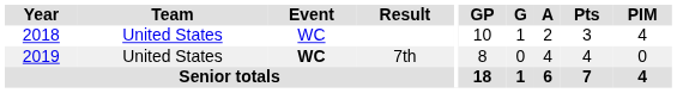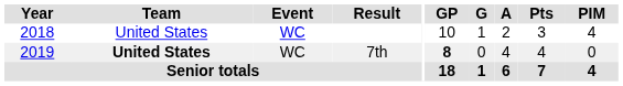 <table border="0" cellpadding="1" cellspacing="0" ID="Table3" style="text-align:center; width:40em;">
 <tr bgcolor="#e0e0e0">
 <th>Year</th>
 <th>Team</th>
 <th>Event</th>
 <th>Result</th>
 <th rowspan="99" bgcolor="#ffffff"></th>
 <th>GP</th>
 <th>G</th>
 <th>A</th>
 <th>Pts</th>
 <th>PIM</th>
 </tr>
 <tr>
 <td><a href='#'>2018</a></td>
 <td><a href='#'>United States</a></td>
 <td><a href='#'>WC</a></td>
 <td></td>
 <td>10</td>
 <td>1</td>
 <td>2</td>
 <td>3</td>
 <td>4</td>
 </tr>
 <tr bgcolor="#f0f0f0">
 <td><a href='#'>2019</a></td>
-<td>United States</td>
-<td><strong>WC</strong></td>
+<td><strong>United States</strong></td>
+<td>WC</td>
 <td>7th</td>
-<td>8</td>
+<td><strong>8</strong></td>
 <td>0</td>
 <td>4</td>
 <td>4</td>
 <td>0</td>
 </tr>
 <tr bgcolor="#e0e0e0">
 <th colspan="4">Senior totals</th>
 <th>18</th>
 <th>1</th>
 <th>6</th>
 <th>7</th>
 <th>4</th>
 </tr>
 </table>
